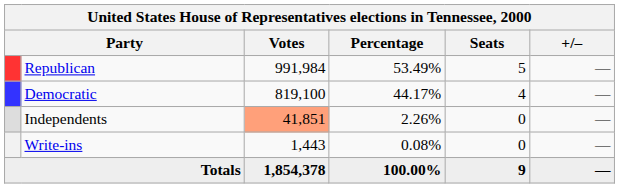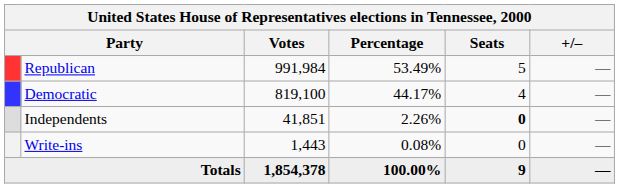 <table class="wikitable" style="font-size: 95%;">
 <tr>
 <th colspan="6">United States House of Representatives elections in Tennessee, 2000</th>
 </tr>
 <tr>
 <th colspan="2" style="width: 15em">Party</th>
 <th style="width: 5em">Votes</th>
 <th style="width: 7em">Percentage</th>
 <th style="width: 5em">Seats</th>
 <th style="width: 5em">+/–</th>
 </tr>
 <tr>
 <th style="background-color:#FF3333; width: 3px"></th>
 <td style="width: 130px"><a href='#'>Republican</a></td>
 <td align="right">991,984</td>
 <td align="right">53.49%</td>
 <td align="right">5</td>
 <td align="right">—</td>
 </tr>
 <tr>
 <th style="background-color:#3333FF; width: 3px"></th>
 <td style="width: 130px"><a href='#'>Democratic</a></td>
 <td align="right">819,100</td>
 <td align="right">44.17%</td>
 <td align="right">4</td>
 <td align="right">—</td>
 </tr>
 <tr>
 <th style="background-color:#DDDDDD; width: 3px"></th>
 <td style="width: 130px">Independents</td>
-<td align="right" style="background: lightsalmon;">41,851</td>
+<td align="right">41,851</td>
 <td align="right">2.26%</td>
-<td align="right">0</td>
+<td align="right"><strong>0</strong></td>
 <td align="right">—</td>
 </tr>
 <tr>
 <th></th>
 <td><a href='#'>Write-ins</a></td>
 <td align="right">1,443</td>
 <td align="right">0.08%</td>
 <td align="right">0</td>
 <td align="right">—</td>
 </tr>
 <tr bgcolor="#EEEEEE">
 <td colspan="2" align="right"><strong>Totals</strong></td>
 <td align="right"><strong>1,854,378</strong></td>
 <td align="right"><strong>100.00%</strong></td>
 <td align="right"><strong>9</strong></td>
 <td align="right"><strong>—</strong></td>
 </tr>
 </table>
